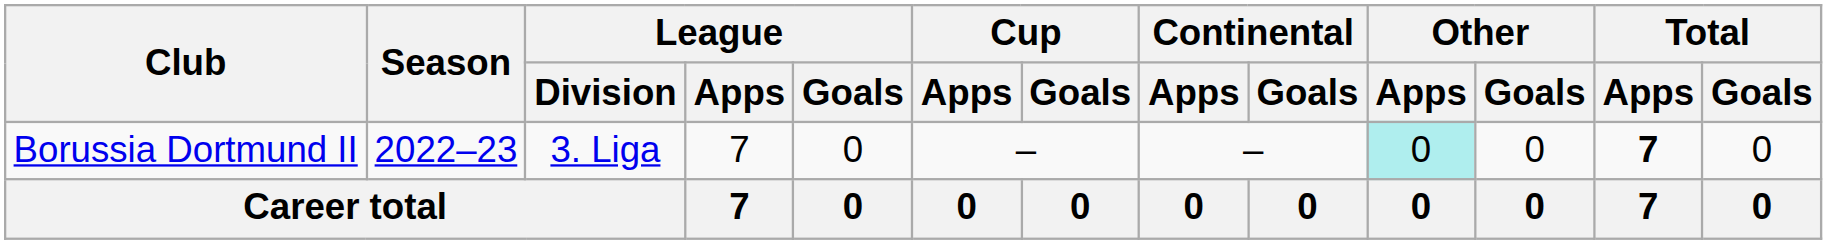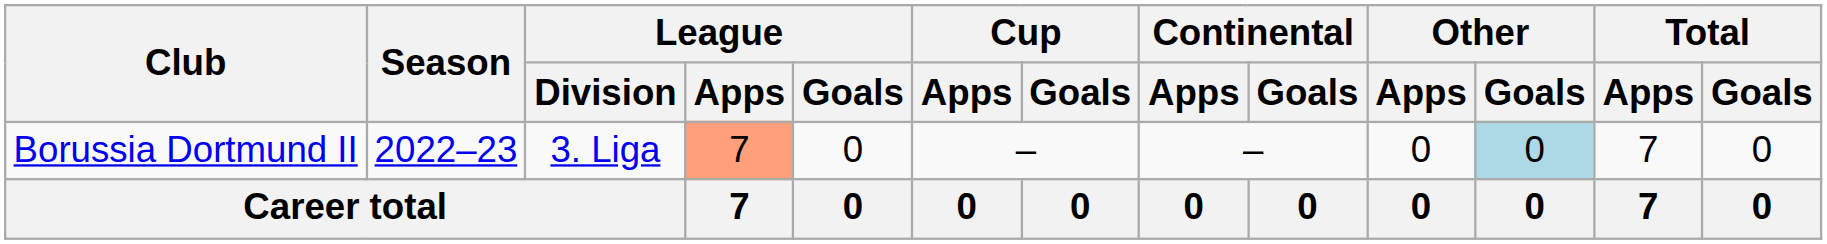 <table class="wikitable" style="text-align:center">
 <tr>
 <th rowspan="2">Club</th>
 <th rowspan="2">Season</th>
 <th colspan="3">League</th>
 <th colspan="2">Cup</th>
 <th colspan="2">Continental</th>
 <th colspan="2">Other</th>
 <th colspan="2">Total</th>
 </tr>
 <tr>
 <th>Division</th>
 <th>Apps</th>
 <th>Goals</th>
 <th>Apps</th>
 <th>Goals</th>
 <th>Apps</th>
 <th>Goals</th>
 <th>Apps</th>
 <th>Goals</th>
 <th>Apps</th>
 <th>Goals</th>
 </tr>
 <tr>
 <td><a href='#'>Borussia Dortmund II</a></td>
 <td><a href='#'>2022–23</a></td>
 <td><a href='#'>3. Liga</a></td>
-<td>7</td>
+<td style="background: lightsalmon;">7</td>
 <td>0</td>
 <td colspan="2">–</td>
 <td colspan="2">–</td>
-<td style="background: paleturquoise;">0</td>
 <td>0</td>
-<td><strong>7</strong></td>
+<td style="background: lightblue;">0</td>
+<td>7</td>
 <td>0</td>
 </tr>
 <tr>
 <th colspan="3">Career total</th>
 <th>7</th>
 <th>0</th>
 <th>0</th>
 <th>0</th>
 <th>0</th>
 <th>0</th>
 <th>0</th>
 <th>0</th>
 <th>7</th>
 <th>0</th>
 </tr>
 </table>
